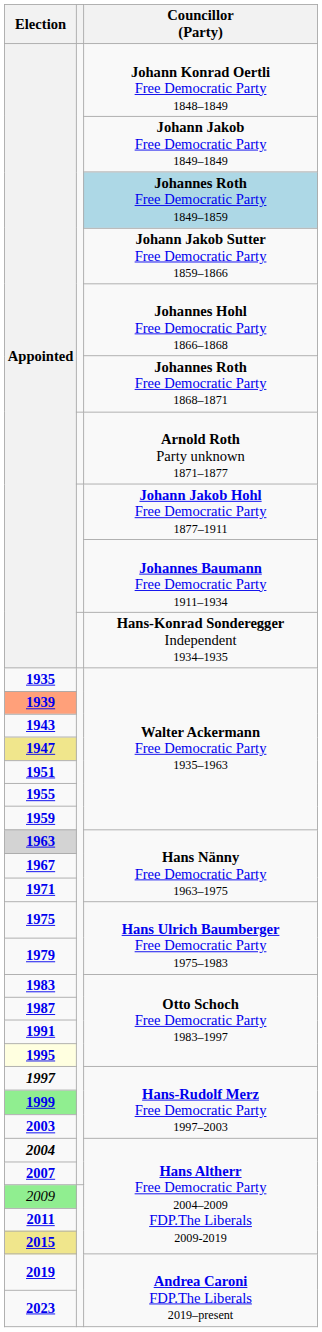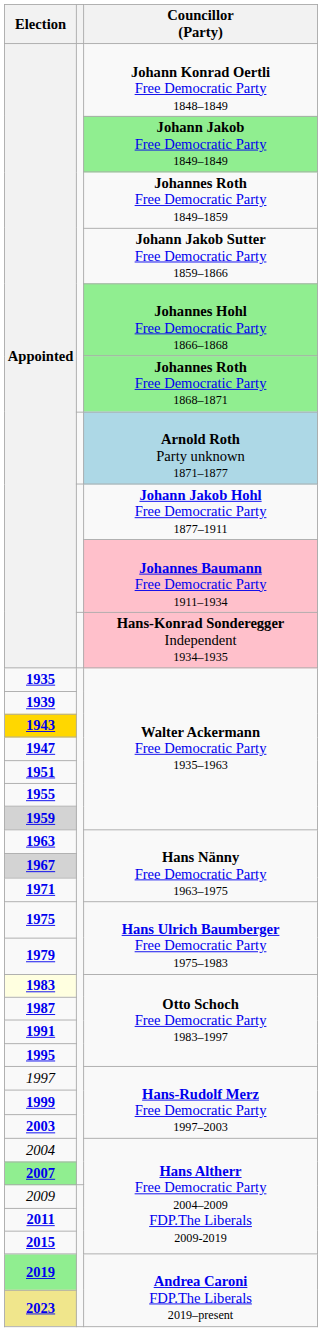 <table class="wikitable" style="text-align:center">
 <tr>
 <th>Election</th>
 <th></th>
 <th scope="col" width="250" colspan = "1">Councillor<br> (Party)</th>
 </tr>
 <tr>
 <th rowspan=10>Appointed</th>
 <td rowspan=6; style="background-color: "></td>
 <td rowspan=1><br><strong>Johann Konrad Oertli</strong><br><a href='#'>Free Democratic Party</a><br><small>1848–1849</small></td>
 </tr>
 <tr>
-<td rowspan=1><strong>Johann Jakob</strong><br><a href='#'>Free Democratic Party</a><br><small>1849–1849</small></td>
+<td rowspan=1 style="background: lightgreen;"><strong>Johann Jakob</strong><br><a href='#'>Free Democratic Party</a><br><small>1849–1849</small></td>
 </tr>
 <tr>
-<td rowspan=1 style="background: lightblue;"><strong>Johannes Roth</strong><br><a href='#'>Free Democratic Party</a><br><small>1849–1859</small></td>
+<td rowspan=1><strong>Johannes Roth</strong><br><a href='#'>Free Democratic Party</a><br><small>1849–1859</small></td>
 </tr>
 <tr>
 <td rowspan=1><strong>Johann Jakob Sutter</strong><br><a href='#'>Free Democratic Party</a><br><small>1859–1866</small></td>
 </tr>
 <tr>
-<td rowspan=1><br><strong>Johannes Hohl</strong><br><a href='#'>Free Democratic Party</a><br><small>1866–1868</small></td>
+<td rowspan=1 style="background: lightgreen;"><br><strong>Johannes Hohl</strong><br><a href='#'>Free Democratic Party</a><br><small>1866–1868</small></td>
 </tr>
 <tr>
-<td rowspan=1><strong>Johannes Roth</strong><br><a href='#'>Free Democratic Party</a><br><small>1868–1871</small></td>
+<td rowspan=1 style="background: lightgreen;"><strong>Johannes Roth</strong><br><a href='#'>Free Democratic Party</a><br><small>1868–1871</small></td>
 </tr>
 <tr>
 <td rowspan=1; style="background-color: "></td>
-<td rowspan=1><br><strong>Arnold Roth</strong><br>Party unknown<br><small>1871–1877</small></td>
+<td rowspan=1 style="background: lightblue;"><br><strong>Arnold Roth</strong><br>Party unknown<br><small>1871–1877</small></td>
 </tr>
 <tr>
 <td rowspan=2; style="background-color: "></td>
 <td rowspan=1><strong><a href='#'>Johann Jakob Hohl</a></strong><br><a href='#'>Free Democratic Party</a><br><small>1877–1911</small></td>
 </tr>
 <tr>
-<td rowspan=1><br><strong><a href='#'>Johannes Baumann</a></strong><br><a href='#'>Free Democratic Party</a><br><small>1911–1934</small></td>
+<td rowspan=1 style="background: pink;"><br><strong><a href='#'>Johannes Baumann</a></strong><br><a href='#'>Free Democratic Party</a><br><small>1911–1934</small></td>
 </tr>
 <tr>
 <td rowspan=1; style="background-color: "></td>
-<td rowspan=1><strong>Hans-Konrad Sonderegger</strong><br>Independent<br><small>1934–1935</small></td>
+<td rowspan=1 style="background: pink;"><strong>Hans-Konrad Sonderegger</strong><br>Independent<br><small>1934–1935</small></td>
 </tr>
 <tr>
 <td><strong><a href='#'>1935</a></strong></td>
 <td rowspan=21; style="background-color: "></td>
 <td rowspan=7><strong>Walter Ackermann</strong><br><a href='#'>Free Democratic Party</a><br><small>1935–1963</small></td>
 </tr>
 <tr>
-<td style="background: lightsalmon;"><strong><a href='#'>1939</a></strong></td>
+<td><strong><a href='#'>1939</a></strong></td>
 </tr>
 <tr>
-<td><strong><a href='#'>1943</a></strong></td>
+<td style="background: gold;"><strong><a href='#'>1943</a></strong></td>
 </tr>
 <tr>
-<td style="background: khaki;"><strong><a href='#'>1947</a></strong></td>
+<td><strong><a href='#'>1947</a></strong></td>
 </tr>
 <tr>
 <td><strong><a href='#'>1951</a></strong></td>
 </tr>
 <tr>
 <td><strong><a href='#'>1955</a></strong></td>
 </tr>
 <tr>
-<td><strong><a href='#'>1959</a></strong></td>
+<td style="background: lightgrey;"><strong><a href='#'>1959</a></strong></td>
 </tr>
 <tr>
-<td style="background: lightgrey;"><strong><a href='#'>1963</a></strong></td>
+<td><strong><a href='#'>1963</a></strong></td>
 <td rowspan=3><br><strong>Hans Nänny</strong><br><a href='#'>Free Democratic Party</a><br><small>1963–1975</small></td>
 </tr>
 <tr>
-<td><strong><a href='#'>1967</a></strong></td>
+<td style="background: lightgrey;"><strong><a href='#'>1967</a></strong></td>
 </tr>
 <tr>
 <td><strong><a href='#'>1971</a></strong></td>
 </tr>
 <tr>
 <td><strong><a href='#'>1975</a></strong></td>
 <td rowspan=2><br><strong><a href='#'>Hans Ulrich Baumberger</a></strong><br><a href='#'>Free Democratic Party</a><br><small>1975–1983</small></td>
 </tr>
 <tr>
 <td><strong><a href='#'>1979</a></strong></td>
 </tr>
 <tr>
-<td><strong><a href='#'>1983</a></strong></td>
+<td style="background: lightyellow;"><strong><a href='#'>1983</a></strong></td>
 <td rowspan=4><strong>Otto Schoch</strong><br><a href='#'>Free Democratic Party</a><br><small>1983–1997</small></td>
 </tr>
 <tr>
 <td><strong><a href='#'>1987</a></strong></td>
 </tr>
 <tr>
 <td><strong><a href='#'>1991</a></strong></td>
 </tr>
 <tr>
-<td style="background: lightyellow;"><strong><a href='#'>1995</a></strong></td>
+<td><strong><a href='#'>1995</a></strong></td>
 </tr>
 <tr>
-<td><strong><em>1997</em></strong></td>
+<td><em>1997</em></td>
 <td rowspan=3><br><strong><a href='#'>Hans-Rudolf Merz</a></strong><br><a href='#'>Free Democratic Party</a><br><small>1997–2003</small></td>
 </tr>
 <tr>
-<td style="background: lightgreen;"><strong><a href='#'>1999</a></strong></td>
+<td><strong><a href='#'>1999</a></strong></td>
 </tr>
 <tr>
 <td><strong><a href='#'>2003</a></strong></td>
 </tr>
 <tr>
-<td><strong><em>2004</em></strong></td>
+<td><em>2004</em></td>
 <td rowspan=5><br><strong><a href='#'>Hans Altherr</a></strong><br><a href='#'>Free Democratic Party</a><br><small>2004–2009</small><br><a href='#'>FDP.The Liberals</a><br><small>2009-2019</small></td>
 </tr>
 <tr>
-<td><strong><a href='#'>2007</a></strong></td>
+<td style="background: lightgreen;"><strong><a href='#'>2007</a></strong></td>
 </tr>
 <tr>
-<td style="background: lightgreen;"><em>2009</em></td>
+<td><em>2009</em></td>
 <td rowspan=5; style="background-color: "></td>
 </tr>
 <tr>
 <td><strong><a href='#'>2011</a></strong></td>
 </tr>
 <tr>
-<td style="background: khaki;"><strong><a href='#'>2015</a></strong></td>
+<td><strong><a href='#'>2015</a></strong></td>
 </tr>
 <tr>
-<td><strong><a href='#'>2019</a></strong></td>
+<td style="background: lightgreen;"><strong><a href='#'>2019</a></strong></td>
 <td rowspan=2><br><strong><a href='#'>Andrea Caroni</a></strong><br><a href='#'>FDP.The Liberals</a><br><small>2019–present</small></td>
 </tr>
 <tr>
-<td><strong><a href='#'>2023</a></strong></td>
+<td style="background: khaki;"><strong><a href='#'>2023</a></strong></td>
 </tr>
 </table>
